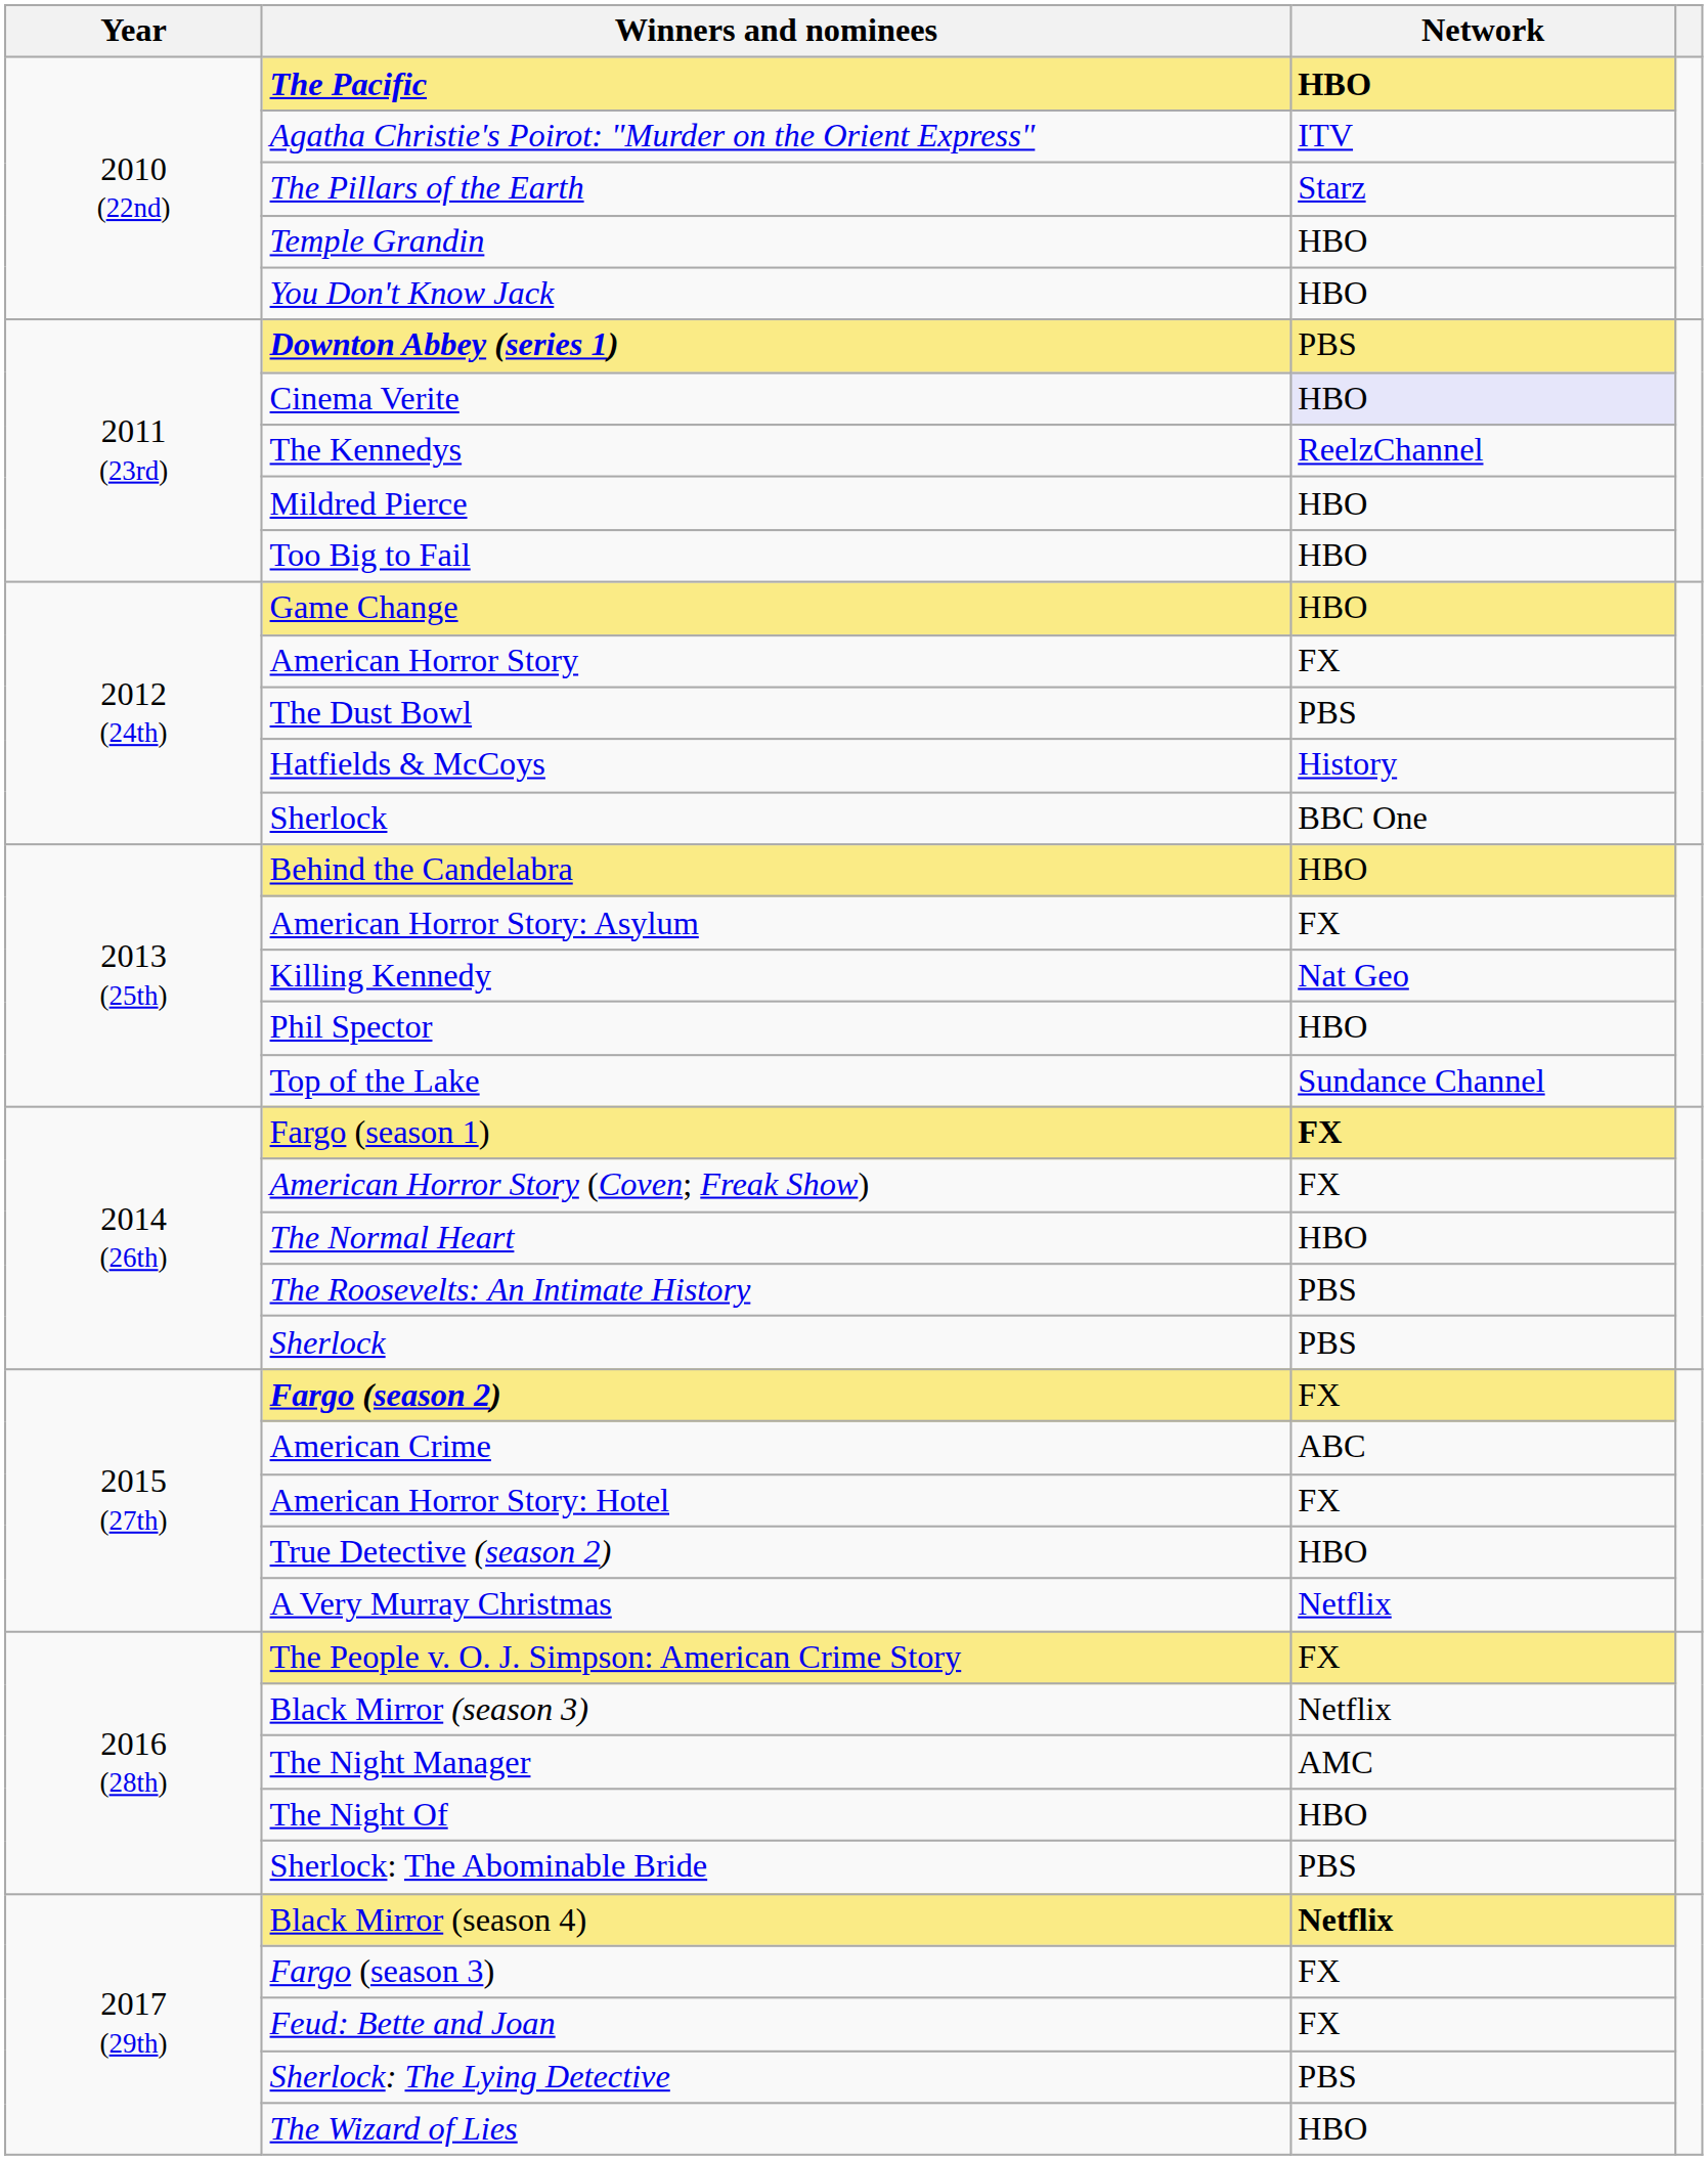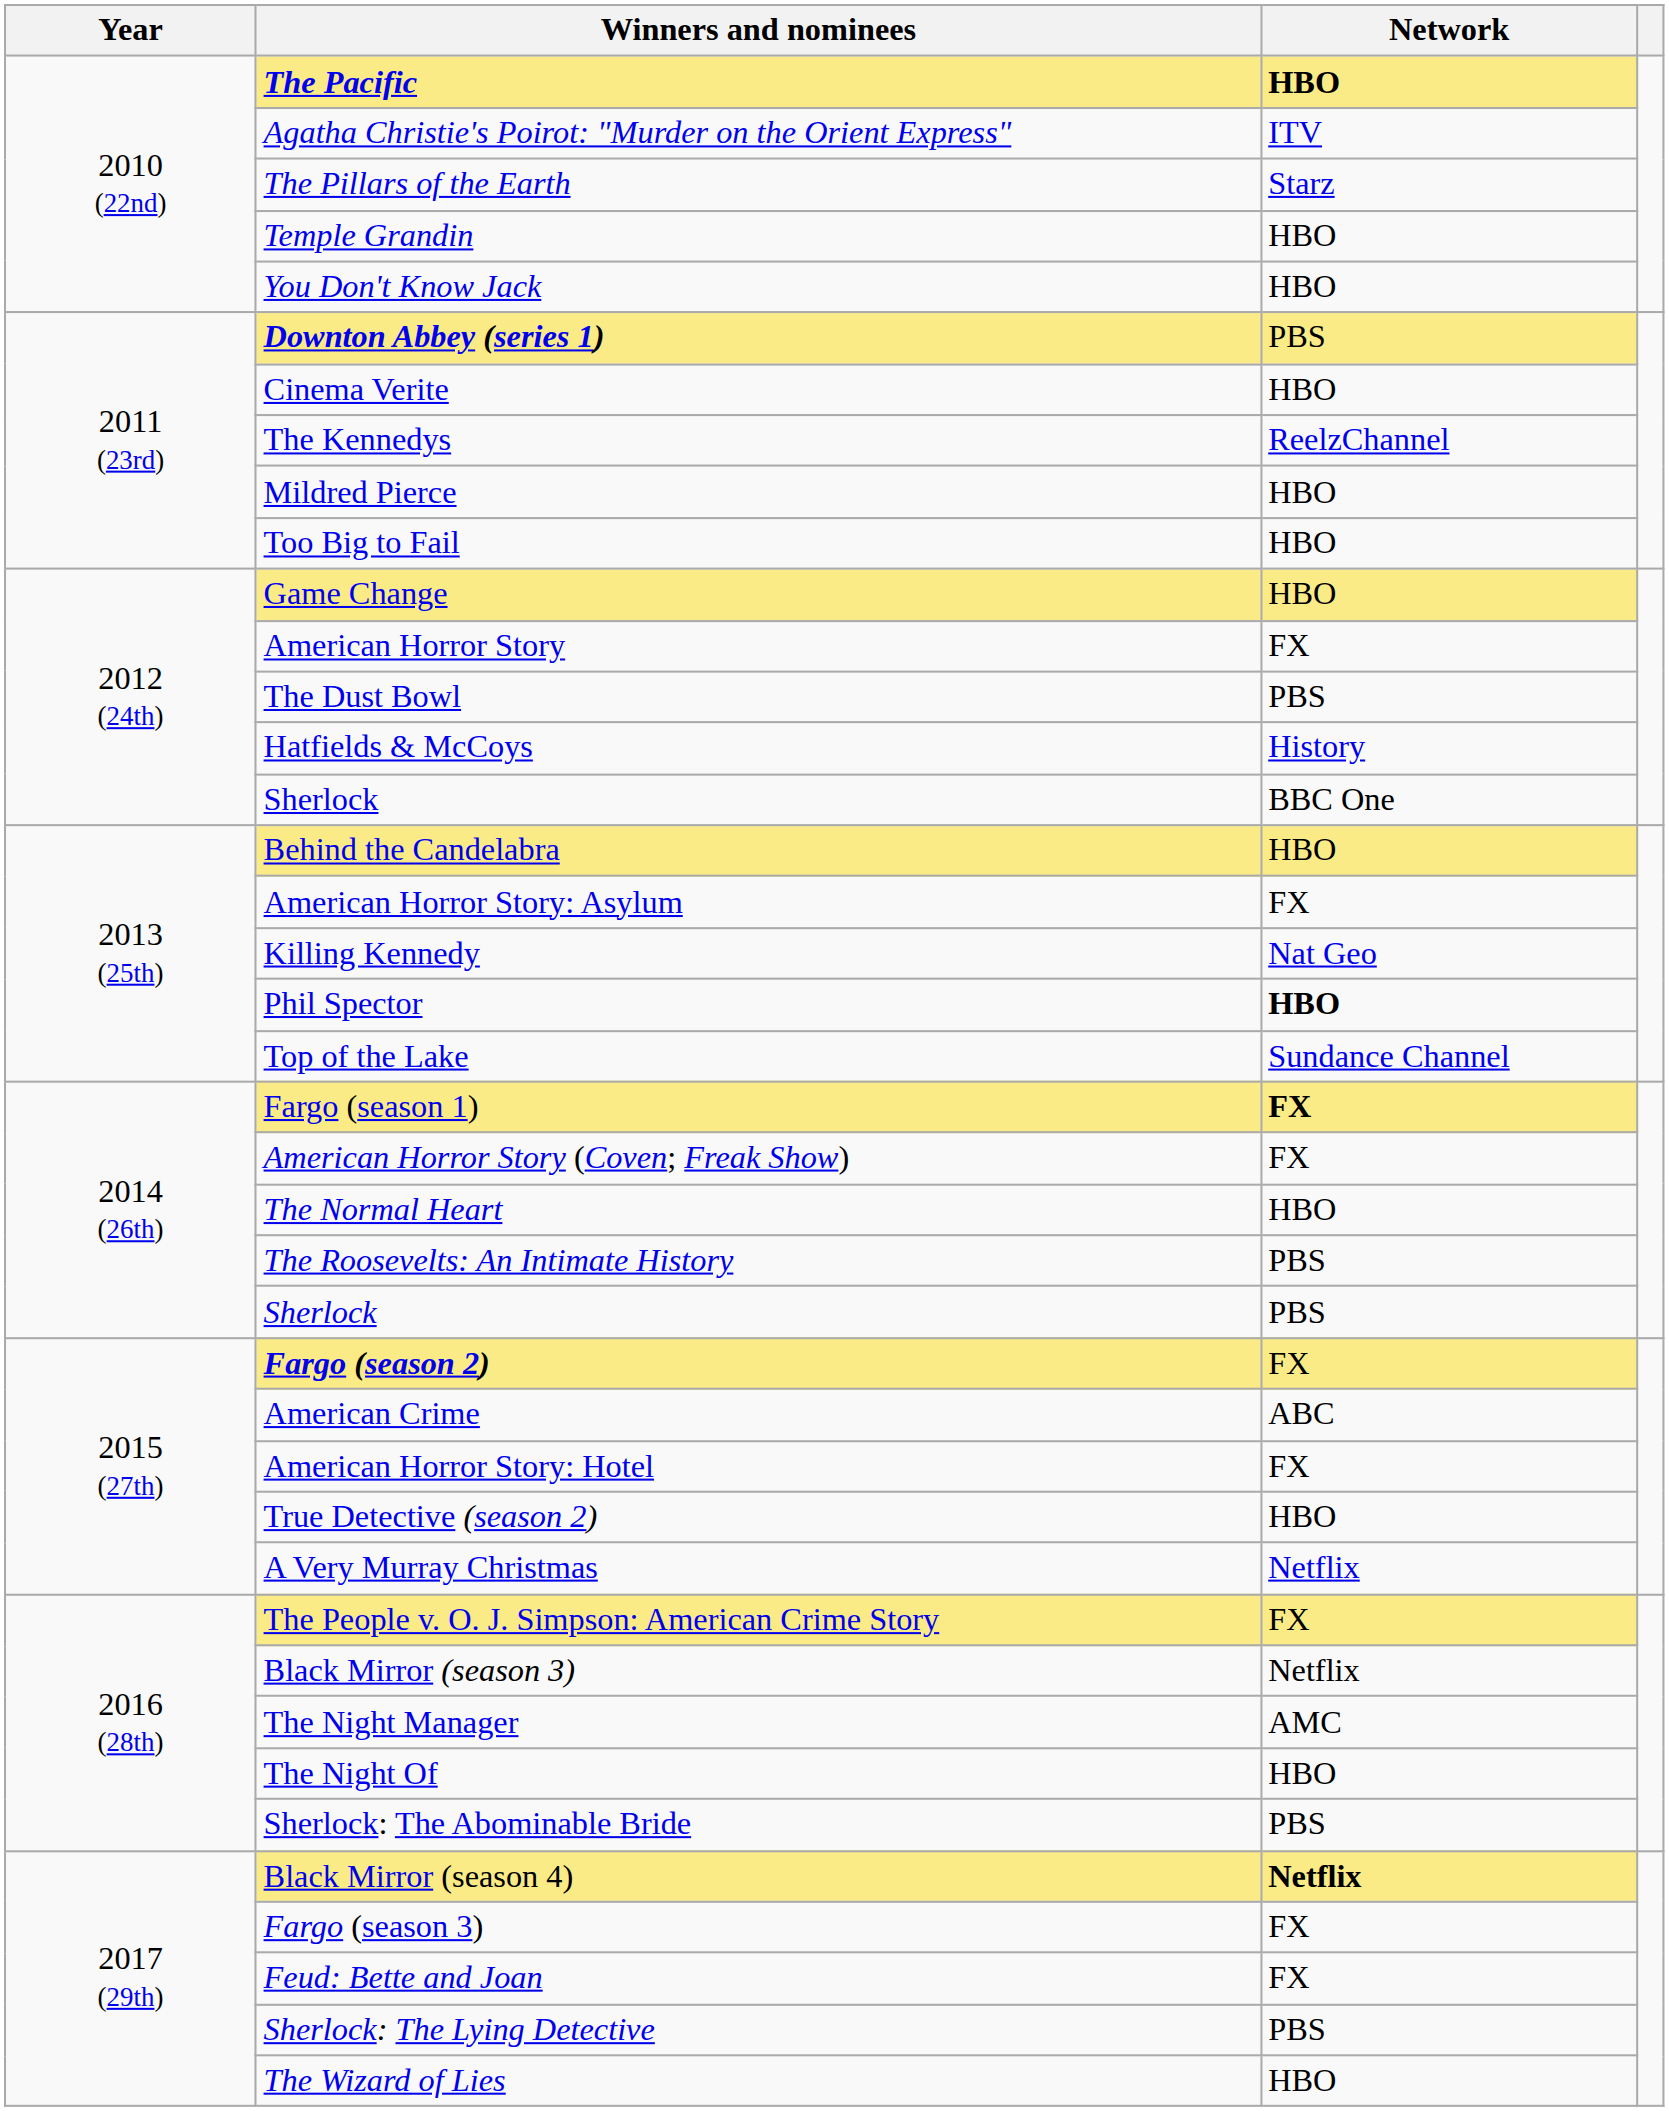 <table class="wikitable" width="65%" cellpadding="5">
 <tr>
 <th width="10%"><strong>Year</strong></th>
 <th width="40%"><strong>Winners and nominees</strong></th>
 <th width="15%"><strong>Network</strong></th>
 <th width="1%"><strong></strong></th>
 </tr>
 <tr>
 <td rowspan="5" style="text-align:center;">2010<br><small>(<a href='#'>22nd</a>)</small></td>
 <td style="background:#FAEB86;"><strong><em><a href='#'>The Pacific</a></em></strong></td>
 <td style="background:#FAEB86;"><strong>HBO</strong></td>
 <td rowspan="5" style="text-align:center;"></td>
 </tr>
 <tr>
 <td><em><a href='#'>Agatha Christie's Poirot: "Murder on the Orient Express"</a></em></td>
 <td><a href='#'>ITV</a></td>
 </tr>
 <tr>
 <td><em><a href='#'>The Pillars of the Earth</a></em></td>
 <td><a href='#'>Starz</a></td>
 </tr>
 <tr>
 <td><em><a href='#'>Temple Grandin</a></em></td>
 <td>HBO</td>
 </tr>
 <tr>
 <td><em><a href='#'>You Don't Know Jack</a></em></td>
 <td>HBO</td>
 </tr>
 <tr>
 <td rowspan="5" style="text-align:center;">2011<br><small>(<a href='#'>23rd</a>)</small></td>
 <td style="background:#FAEB86;"><strong><em><a href='#'>Downton Abbey</a><em> (<a href='#'>series 1</a>)<strong></td>
 <td style="background:#FAEB86;"></strong>PBS<strong></td>
 <td rowspan="5" style="text-align:center;"></td>
 </tr>
 <tr>
 <td></em><a href='#'>Cinema Verite</a><em></td>
-<td style="background: lavender;">HBO</td>
+<td>HBO</td>
 </tr>
 <tr>
 <td></em><a href='#'>The Kennedys</a><em></td>
 <td><a href='#'>ReelzChannel</a></td>
 </tr>
 <tr>
 <td></em><a href='#'>Mildred Pierce</a><em></td>
 <td>HBO</td>
 </tr>
 <tr>
 <td></em><a href='#'>Too Big to Fail</a><em></td>
 <td>HBO</td>
 </tr>
 <tr>
 <td rowspan="5" style="text-align:center;">2012<br><small>(<a href='#'>24th</a>)</small></td>
 <td style="background:#FAEB86;"></em></strong><a href='#'>Game Change</a><strong><em></td>
 <td style="background:#FAEB86;"></strong>HBO<strong></td>
 <td rowspan="5" style="text-align:center;"></td>
 </tr>
 <tr>
 <td></em><a href='#'>American Horror Story</a><em></td>
 <td>FX</td>
 </tr>
 <tr>
 <td></em><a href='#'>The Dust Bowl</a><em></td>
 <td>PBS</td>
 </tr>
 <tr>
 <td></em><a href='#'>Hatfields & McCoys</a><em></td>
 <td><a href='#'>History</a></td>
 </tr>
 <tr>
 <td></em><a href='#'>Sherlock</a><em></td>
 <td>BBC One</td>
 </tr>
 <tr>
 <td rowspan="5" style="text-align:center;">2013<br><small>(<a href='#'>25th</a>)</small></td>
 <td style="background:#FAEB86;"></em></strong><a href='#'>Behind the Candelabra</a><strong><em></td>
 <td style="background:#FAEB86;"></strong>HBO<strong></td>
 <td rowspan="5" style="text-align:center;"></td>
 </tr>
 <tr>
 <td></em><a href='#'>American Horror Story: Asylum</a><em></td>
 <td>FX</td>
 </tr>
 <tr>
 <td></em><a href='#'>Killing Kennedy</a><em></td>
 <td><a href='#'>Nat Geo</a></td>
 </tr>
 <tr>
 <td></em><a href='#'>Phil Spector</a><em></td>
-<td>HBO</td>
+<td><strong>HBO</strong></td>
 </tr>
 <tr>
 <td></em><a href='#'>Top of the Lake</a><em></td>
 <td><a href='#'>Sundance Channel</a></td>
 </tr>
 <tr>
 <td rowspan="5" style="text-align:center;">2014<br><small>(<a href='#'>26th</a>)</small></td>
 <td style="background:#FAEB86;"></em></strong><a href='#'>Fargo</a></em> (<a href='#'>season 1</a>)</strong></td>
 <td style="background:#FAEB86;"><strong>FX</strong></td>
 <td rowspan="5" style="text-align:center;"></td>
 </tr>
 <tr>
 <td><em><a href='#'>American Horror Story</a></em> (<em><a href='#'>Coven</a></em>; <em><a href='#'>Freak Show</a></em>)</td>
 <td>FX</td>
 </tr>
 <tr>
 <td><em><a href='#'>The Normal Heart</a></em></td>
 <td>HBO</td>
 </tr>
 <tr>
 <td><em><a href='#'>The Roosevelts: An Intimate History</a></em></td>
 <td>PBS</td>
 </tr>
 <tr>
 <td><em><a href='#'>Sherlock</a></em></td>
 <td>PBS</td>
 </tr>
 <tr>
 <td rowspan="5" style="text-align:center;">2015<br><small>(<a href='#'>27th</a>)</small></td>
 <td style="background:#FAEB86;"><strong><em><a href='#'>Fargo</a><em> (<a href='#'>season 2</a>)<strong></td>
 <td style="background:#FAEB86;"></strong>FX<strong></td>
 <td rowspan="5" style="text-align:center;"></td>
 </tr>
 <tr>
 <td></em><a href='#'>American Crime</a><em></td>
 <td>ABC</td>
 </tr>
 <tr>
 <td></em><a href='#'>American Horror Story: Hotel</a><em></td>
 <td>FX</td>
 </tr>
 <tr>
 <td></em><a href='#'>True Detective</a><em> (<a href='#'>season 2</a>)</td>
 <td>HBO</td>
 </tr>
 <tr>
 <td></em><a href='#'>A Very Murray Christmas</a><em></td>
 <td><a href='#'>Netflix</a></td>
 </tr>
 <tr>
 <td rowspan="5" style="text-align:center;">2016<br><small>(<a href='#'>28th</a>)</small></td>
 <td style="background:#FAEB86;"></em></strong><a href='#'>The People v. O. J. Simpson: American Crime Story</a><strong><em></td>
 <td style="background:#FAEB86;"></strong>FX<strong></td>
 <td rowspan="5" style="text-align:center;"></td>
 </tr>
 <tr>
 <td></em><a href='#'>Black Mirror</a><em> (season 3)</td>
 <td>Netflix</td>
 </tr>
 <tr>
 <td></em><a href='#'>The Night Manager</a><em></td>
 <td>AMC</td>
 </tr>
 <tr>
 <td></em><a href='#'>The Night Of</a><em></td>
 <td>HBO</td>
 </tr>
 <tr>
 <td></em><a href='#'>Sherlock</a>: <a href='#'>The Abominable Bride</a><em></td>
 <td>PBS</td>
 </tr>
 <tr>
 <td rowspan="5" style="text-align:center;">2017<br><small>(<a href='#'>29th</a>)</small></td>
 <td style="background:#FAEB86;"></em></strong><a href='#'>Black Mirror</a></em> (season 4)</strong></td>
 <td style="background:#FAEB86;"><strong>Netflix</strong></td>
 <td rowspan="5" style="text-align:center;"></td>
 </tr>
 <tr>
 <td><em><a href='#'>Fargo</a></em> (<a href='#'>season 3</a>)</td>
 <td>FX</td>
 </tr>
 <tr>
 <td><em><a href='#'>Feud: Bette and Joan</a></em></td>
 <td>FX</td>
 </tr>
 <tr>
 <td><em><a href='#'>Sherlock</a>: <a href='#'>The Lying Detective</a></em></td>
 <td>PBS</td>
 </tr>
 <tr>
 <td><em><a href='#'>The Wizard of Lies</a></em></td>
 <td>HBO</td>
 </tr>
 </table>
